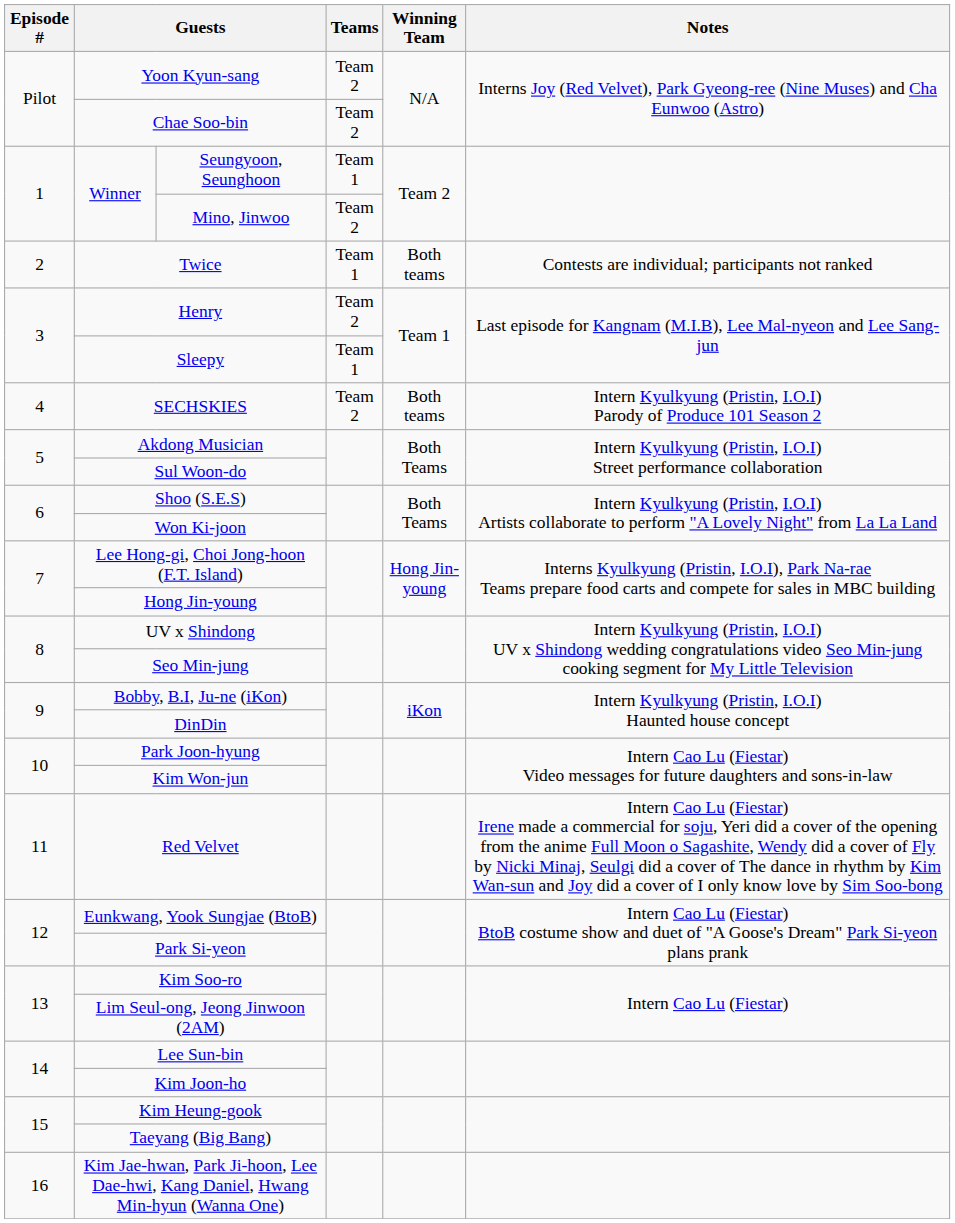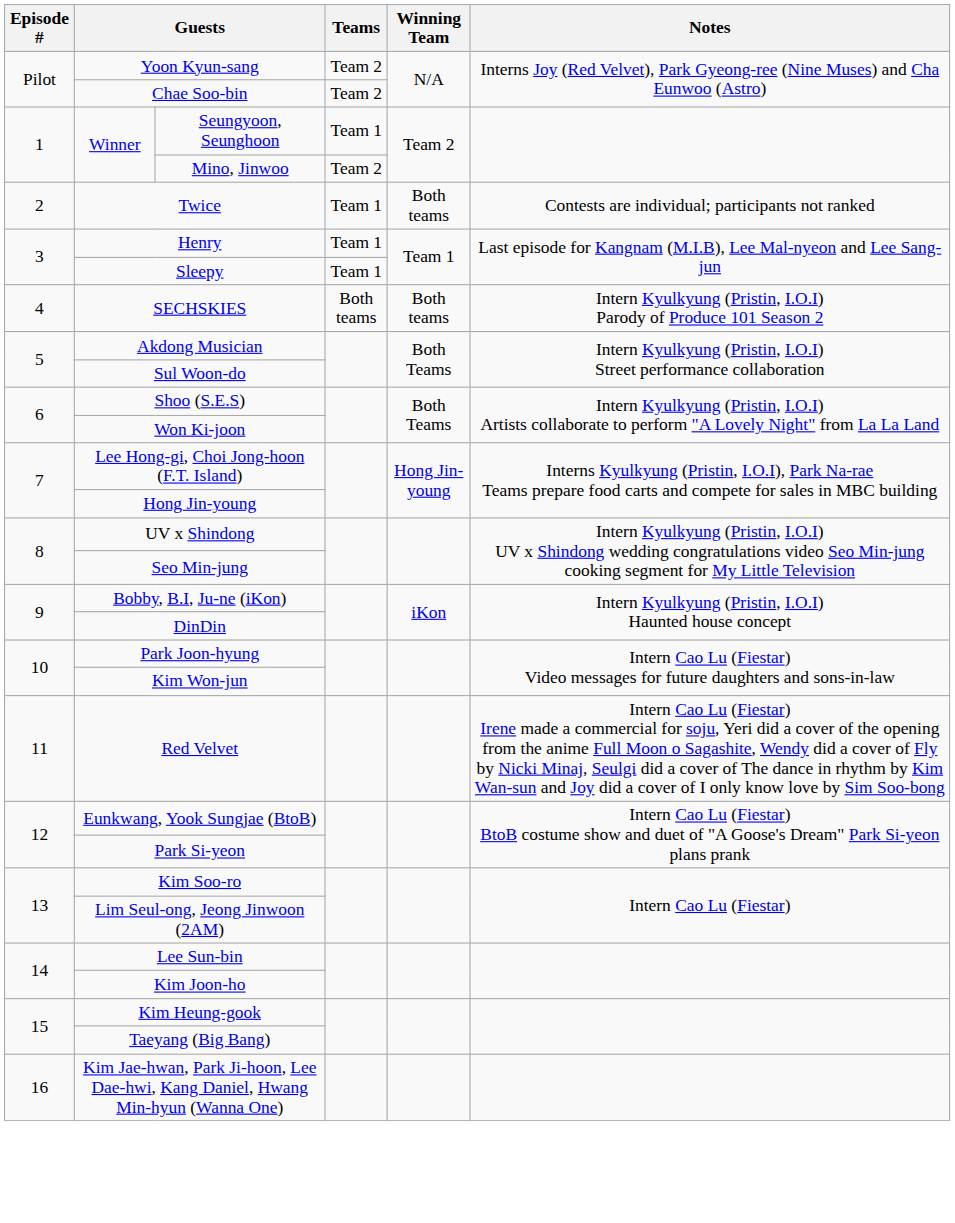 <table class="wikitable" style="text-align: center;">
 <tr>
 <th>Episode #</th>
 <th colspan="2">Guests</th>
 <th>Teams</th>
 <th>Winning Team</th>
 <th>Notes</th>
 </tr>
 <tr>
 <td rowspan="2">Pilot</td>
 <td colspan="2"><a href='#'>Yoon Kyun-sang</a></td>
 <td>Team 2</td>
 <td rowspan="2">N/A</td>
 <td rowspan="2">Interns <a href='#'>Joy</a> (<a href='#'>Red Velvet</a>), <a href='#'>Park Gyeong-ree</a> (<a href='#'>Nine Muses</a>) and <a href='#'>Cha Eunwoo</a> (<a href='#'>Astro</a>)</td>
 </tr>
 <tr>
 <td colspan="2"><a href='#'>Chae Soo-bin</a></td>
 <td>Team 2</td>
 </tr>
 <tr>
 <td rowspan="2">1</td>
 <td rowspan="2"><a href='#'>Winner</a></td>
 <td><a href='#'>Seungyoon</a>, <a href='#'>Seunghoon</a></td>
 <td>Team 1</td>
 <td rowspan="2">Team 2</td>
 <td rowspan="2"></td>
 </tr>
 <tr>
 <td><a href='#'>Mino</a>, <a href='#'>Jinwoo</a></td>
 <td>Team 2</td>
 </tr>
 <tr>
 <td>2</td>
 <td colspan="2"><a href='#'>Twice</a></td>
 <td>Team 1</td>
 <td>Both teams</td>
 <td>Contests are individual; participants not ranked</td>
 </tr>
 <tr>
 <td rowspan="2">3</td>
 <td colspan="2"><a href='#'>Henry</a></td>
-<td>Team 2</td>
+<td>Team 1</td>
 <td rowspan="2">Team 1</td>
 <td rowspan="2">Last episode for <a href='#'>Kangnam</a> (<a href='#'>M.I.B</a>), <a href='#'>Lee Mal-nyeon</a> and <a href='#'>Lee Sang-jun</a></td>
 </tr>
 <tr>
 <td colspan="2"><a href='#'>Sleepy</a></td>
 <td>Team 1</td>
 </tr>
 <tr>
 <td>4</td>
 <td colspan="2"><a href='#'>SECHSKIES</a></td>
-<td>Team 2</td>
+<td>Both teams</td>
 <td>Both teams</td>
 <td>Intern <a href='#'>Kyulkyung</a> (<a href='#'>Pristin</a>, <a href='#'>I.O.I</a>)<br>Parody of <a href='#'>Produce 101 Season 2</a></td>
 </tr>
 <tr>
 <td rowspan="2">5</td>
 <td colspan="2"><a href='#'>Akdong Musician</a></td>
 <td rowspan="2"></td>
 <td rowspan="2">Both Teams</td>
 <td rowspan="2">Intern <a href='#'>Kyulkyung</a> (<a href='#'>Pristin</a>, <a href='#'>I.O.I</a>)<br>Street performance collaboration</td>
 </tr>
 <tr>
 <td colspan="2"><a href='#'>Sul Woon-do</a></td>
 </tr>
 <tr>
 <td rowspan="2">6</td>
 <td colspan="2"><a href='#'>Shoo</a> (<a href='#'>S.E.S</a>)</td>
 <td rowspan="2"></td>
 <td rowspan="2">Both Teams</td>
 <td rowspan="2">Intern <a href='#'>Kyulkyung</a> (<a href='#'>Pristin</a>, <a href='#'>I.O.I</a>)<br>Artists collaborate to perform <a href='#'>"A Lovely Night"</a> from <a href='#'>La La Land</a></td>
 </tr>
 <tr>
 <td colspan="2"><a href='#'>Won Ki-joon</a></td>
 </tr>
 <tr>
 <td rowspan="2">7</td>
 <td colspan="2"><a href='#'>Lee Hong-gi</a>, <a href='#'>Choi Jong-hoon</a> (<a href='#'>F.T. Island</a>)</td>
 <td rowspan="2"></td>
 <td rowspan="2"><a href='#'>Hong Jin-young</a></td>
 <td rowspan="2">Interns <a href='#'>Kyulkyung</a> (<a href='#'>Pristin</a>, <a href='#'>I.O.I</a>), <a href='#'>Park Na-rae</a><br>Teams prepare food carts and compete for sales in MBC building</td>
 </tr>
 <tr>
 <td colspan="2"><a href='#'>Hong Jin-young</a></td>
 </tr>
 <tr>
 <td rowspan="2">8</td>
 <td colspan="2">UV x <a href='#'>Shindong</a></td>
 <td rowspan="2"></td>
 <td rowspan="2"></td>
 <td rowspan="2">Intern <a href='#'>Kyulkyung</a> (<a href='#'>Pristin</a>, <a href='#'>I.O.I</a>)<br>UV x <a href='#'>Shindong</a> wedding congratulations video <a href='#'>Seo Min-jung</a> cooking segment for <a href='#'>My Little Television</a></td>
 </tr>
 <tr>
 <td colspan="2"><a href='#'>Seo Min-jung</a></td>
 </tr>
 <tr>
 <td rowspan="2">9</td>
 <td colspan="2"><a href='#'>Bobby</a>, <a href='#'>B.I</a>, <a href='#'>Ju-ne</a> (<a href='#'>iKon</a>)</td>
 <td rowspan="2"></td>
 <td rowspan="2"><a href='#'>iKon</a></td>
 <td rowspan="2">Intern <a href='#'>Kyulkyung</a> (<a href='#'>Pristin</a>, <a href='#'>I.O.I</a>)<br>Haunted house concept</td>
 </tr>
 <tr>
 <td colspan="2"><a href='#'>DinDin</a></td>
 </tr>
 <tr>
 <td rowspan="2">10</td>
 <td colspan="2"><a href='#'>Park Joon-hyung</a></td>
 <td rowspan="2"></td>
 <td rowspan="2"></td>
 <td rowspan="2">Intern <a href='#'>Cao Lu</a> (<a href='#'>Fiestar</a>)<br>Video messages for future daughters and sons-in-law</td>
 </tr>
 <tr>
 <td colspan="2"><a href='#'>Kim Won-jun</a></td>
 </tr>
 <tr>
 <td>11</td>
 <td colspan="2"><a href='#'>Red Velvet</a></td>
 <td></td>
 <td></td>
 <td>Intern <a href='#'>Cao Lu</a> (<a href='#'>Fiestar</a>)<br><a href='#'>Irene</a> made a commercial for <a href='#'>soju</a>, Yeri did a cover of the opening from the anime <a href='#'>Full Moon o Sagashite</a>, <a href='#'>Wendy</a> did a cover of <a href='#'>Fly</a> by <a href='#'>Nicki Minaj</a>, <a href='#'>Seulgi</a> did a cover of The dance in rhythm by <a href='#'>Kim Wan-sun</a> and <a href='#'>Joy</a> did a cover of I only know love by <a href='#'>Sim Soo-bong</a></td>
 </tr>
 <tr>
 <td rowspan="2">12</td>
 <td colspan="2"><a href='#'>Eunkwang</a>, <a href='#'>Yook Sungjae</a> (<a href='#'>BtoB</a>)</td>
 <td rowspan="2"></td>
 <td rowspan="2"></td>
 <td rowspan="2">Intern <a href='#'>Cao Lu</a> (<a href='#'>Fiestar</a>)<br><a href='#'>BtoB</a> costume show and duet of "A Goose's Dream" <a href='#'>Park Si-yeon</a> plans prank</td>
 </tr>
 <tr>
 <td colspan="2"><a href='#'>Park Si-yeon</a></td>
 </tr>
 <tr>
 <td rowspan="2">13</td>
 <td colspan="2"><a href='#'>Kim Soo-ro</a></td>
 <td rowspan="2"></td>
 <td rowspan="2"></td>
 <td rowspan="2">Intern <a href='#'>Cao Lu</a> (<a href='#'>Fiestar</a>)</td>
 </tr>
 <tr>
 <td colspan="2"><a href='#'>Lim Seul-ong</a>, <a href='#'>Jeong Jinwoon</a> (<a href='#'>2AM</a>)</td>
 </tr>
 <tr>
 <td rowspan="2">14</td>
 <td colspan="2"><a href='#'>Lee Sun-bin</a></td>
 <td rowspan="2"></td>
 <td rowspan="2"></td>
 <td rowspan="2"></td>
 </tr>
 <tr>
 <td colspan="2"><a href='#'>Kim Joon-ho</a></td>
 </tr>
 <tr>
 <td rowspan="2">15</td>
 <td colspan="2"><a href='#'>Kim Heung-gook</a></td>
 <td rowspan="2"></td>
 <td rowspan="2"></td>
 <td rowspan="2"></td>
 </tr>
 <tr>
 <td colspan="2"><a href='#'>Taeyang</a> (<a href='#'>Big Bang</a>)</td>
 </tr>
 <tr>
 <td>16</td>
 <td colspan="2"><a href='#'>Kim Jae-hwan</a>, <a href='#'>Park Ji-hoon</a>, <a href='#'>Lee Dae-hwi</a>, <a href='#'>Kang Daniel</a>, <a href='#'>Hwang Min-hyun</a> (<a href='#'>Wanna One</a>)</td>
 <td></td>
 <td></td>
 <td></td>
 </tr>
 </table>
